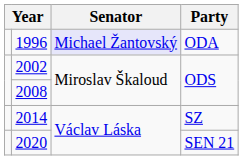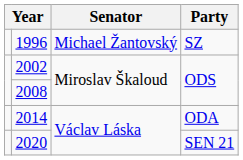 <table class="wikitable">
 <tr>
 <th colspan="2">Year</th>
 <th>Senator</th>
 <th>Party</th>
 </tr>
 <tr>
 <td style="background-color:"></td>
 <td><a href='#'>1996</a></td>
-<td style="background: lavender;"><a href='#'>Michael Žantovský</a></td>
-<td><a href='#'>ODA</a></td>
+<td><a href='#'>Michael Žantovský</a></td>
+<td><a href='#'>SZ</a></td>
 </tr>
 <tr>
 <td rowspan="2" style="background-color:"></td>
 <td><a href='#'>2002</a></td>
 <td rowspan="2">Miroslav Škaloud</td>
 <td rowspan="2"><a href='#'>ODS</a></td>
 </tr>
 <tr>
 <td><a href='#'>2008</a></td>
 </tr>
 <tr>
 <td style="background-color:"></td>
 <td><a href='#'>2014</a></td>
 <td rowspan="2"><a href='#'>Václav Láska</a></td>
-<td><a href='#'>SZ</a></td>
+<td><a href='#'>ODA</a></td>
 </tr>
 <tr>
 <td style="background-color:"></td>
 <td><a href='#'>2020</a></td>
 <td><a href='#'>SEN 21</a></td>
 </tr>
 </table>
